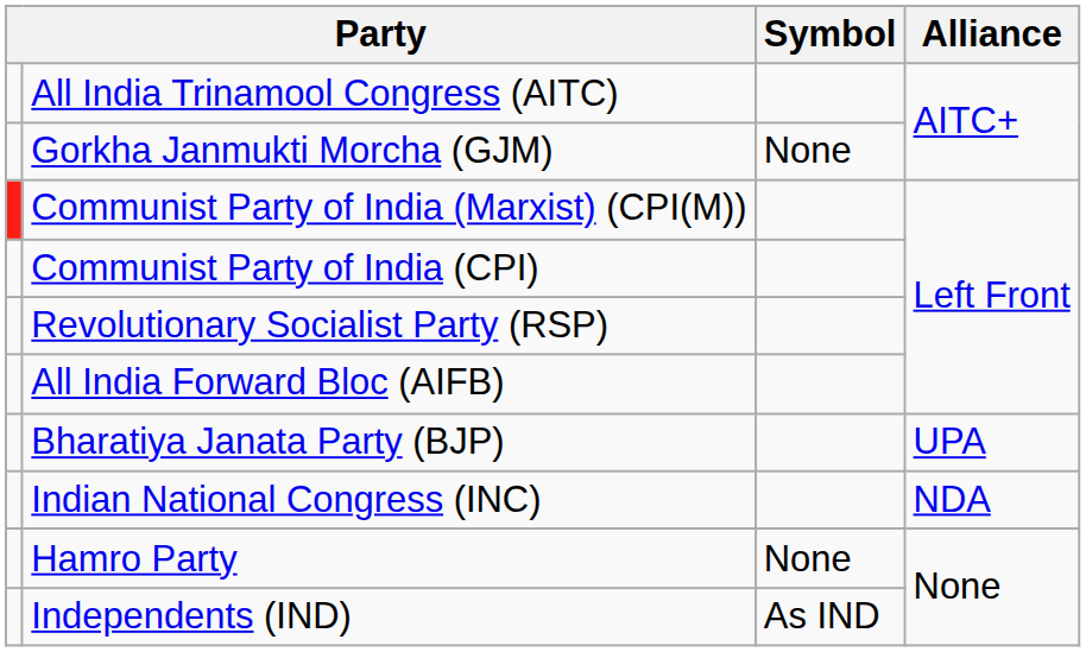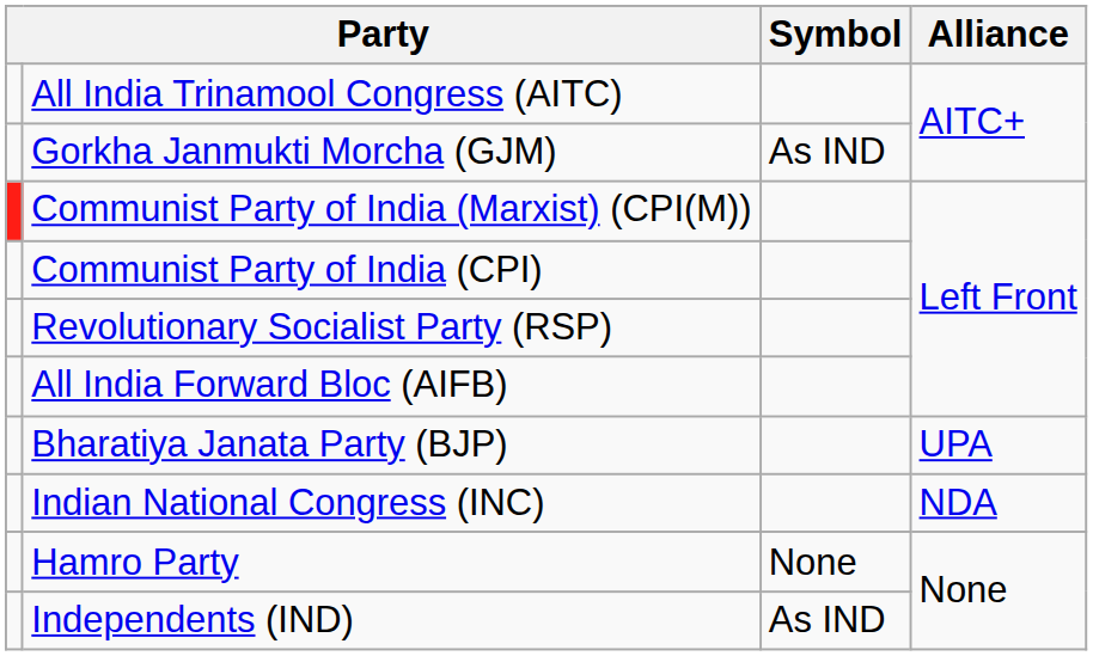 <table class="wikitable">
 <tr>
 <th colspan="2">Party</th>
 <th>Symbol</th>
 <th>Alliance</th>
 </tr>
 <tr>
 <td></td>
 <td><a href='#'>All India Trinamool Congress</a> (AITC)</td>
 <td></td>
 <td rowspan="2"><a href='#'>AITC+</a></td>
 </tr>
 <tr>
 <td></td>
 <td><a href='#'>Gorkha Janmukti Morcha</a> (GJM)</td>
-<td>None</td>
+<td>As IND</td>
 </tr>
 <tr>
 <td bgcolor=#FF1D15></td>
 <td><a href='#'>Communist Party of India (Marxist)</a> (CPI(M))</td>
 <td></td>
 <td rowspan="4"><a href='#'>Left Front</a></td>
 </tr>
 <tr>
 <td></td>
 <td><a href='#'>Communist Party of India</a> (CPI)</td>
 <td></td>
 </tr>
 <tr>
 <td></td>
 <td><a href='#'>Revolutionary Socialist Party</a> (RSP)</td>
 <td></td>
 </tr>
 <tr>
 <td></td>
 <td><a href='#'>All India Forward Bloc</a> (AIFB)</td>
 <td></td>
 </tr>
 <tr>
 <td></td>
 <td><a href='#'>Bharatiya Janata Party</a> (BJP)</td>
 <td></td>
 <td><a href='#'>UPA</a></td>
 </tr>
 <tr>
 <td></td>
 <td><a href='#'>Indian National Congress</a> (INC)</td>
 <td></td>
 <td><a href='#'>NDA</a></td>
 </tr>
 <tr>
 <td></td>
 <td><a href='#'>Hamro Party</a></td>
 <td>None</td>
 <td rowspan="2">None</td>
 </tr>
 <tr>
 <td></td>
 <td><a href='#'>Independents</a> (IND)</td>
 <td>As IND</td>
 </tr>
 </table>
